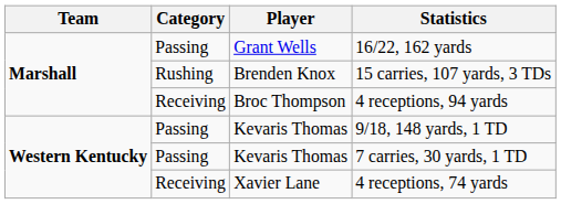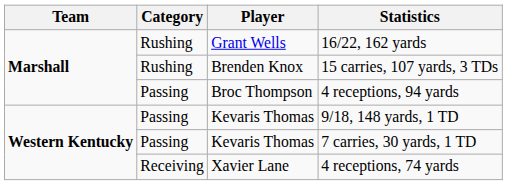 <table class="wikitable" style="float: left;">
 <tr>
 <th>Team</th>
 <th>Category</th>
 <th>Player</th>
 <th>Statistics</th>
 </tr>
 <tr>
 <td rowspan=3><strong>Marshall</strong></td>
-<td>Passing</td>
+<td>Rushing</td>
 <td><a href='#'>Grant Wells</a></td>
 <td>16/22, 162 yards</td>
 </tr>
 <tr>
 <td>Rushing</td>
 <td>Brenden Knox</td>
 <td>15 carries, 107 yards, 3 TDs</td>
 </tr>
 <tr>
-<td>Receiving</td>
+<td>Passing</td>
 <td>Broc Thompson</td>
 <td>4 receptions, 94 yards</td>
 </tr>
 <tr>
 <td rowspan=3><strong>Western Kentucky</strong></td>
 <td>Passing</td>
 <td>Kevaris Thomas</td>
 <td>9/18, 148 yards, 1 TD</td>
 </tr>
 <tr>
 <td>Passing</td>
 <td>Kevaris Thomas</td>
 <td>7 carries, 30 yards, 1 TD</td>
 </tr>
 <tr>
 <td>Receiving</td>
 <td>Xavier Lane</td>
 <td>4 receptions, 74 yards</td>
 </tr>
 </table>
